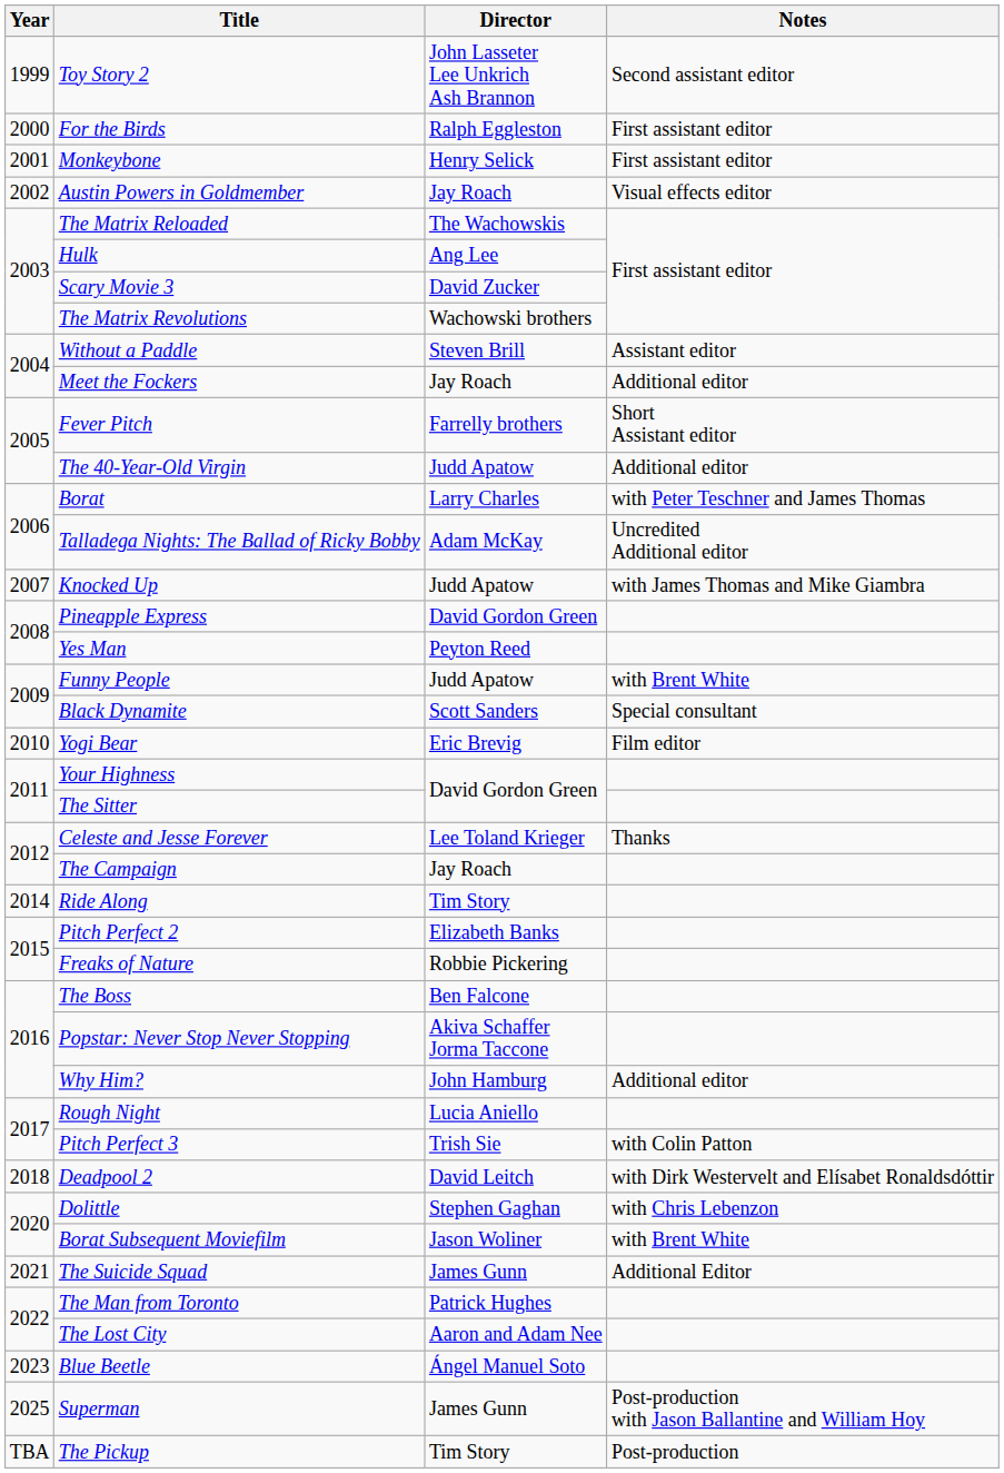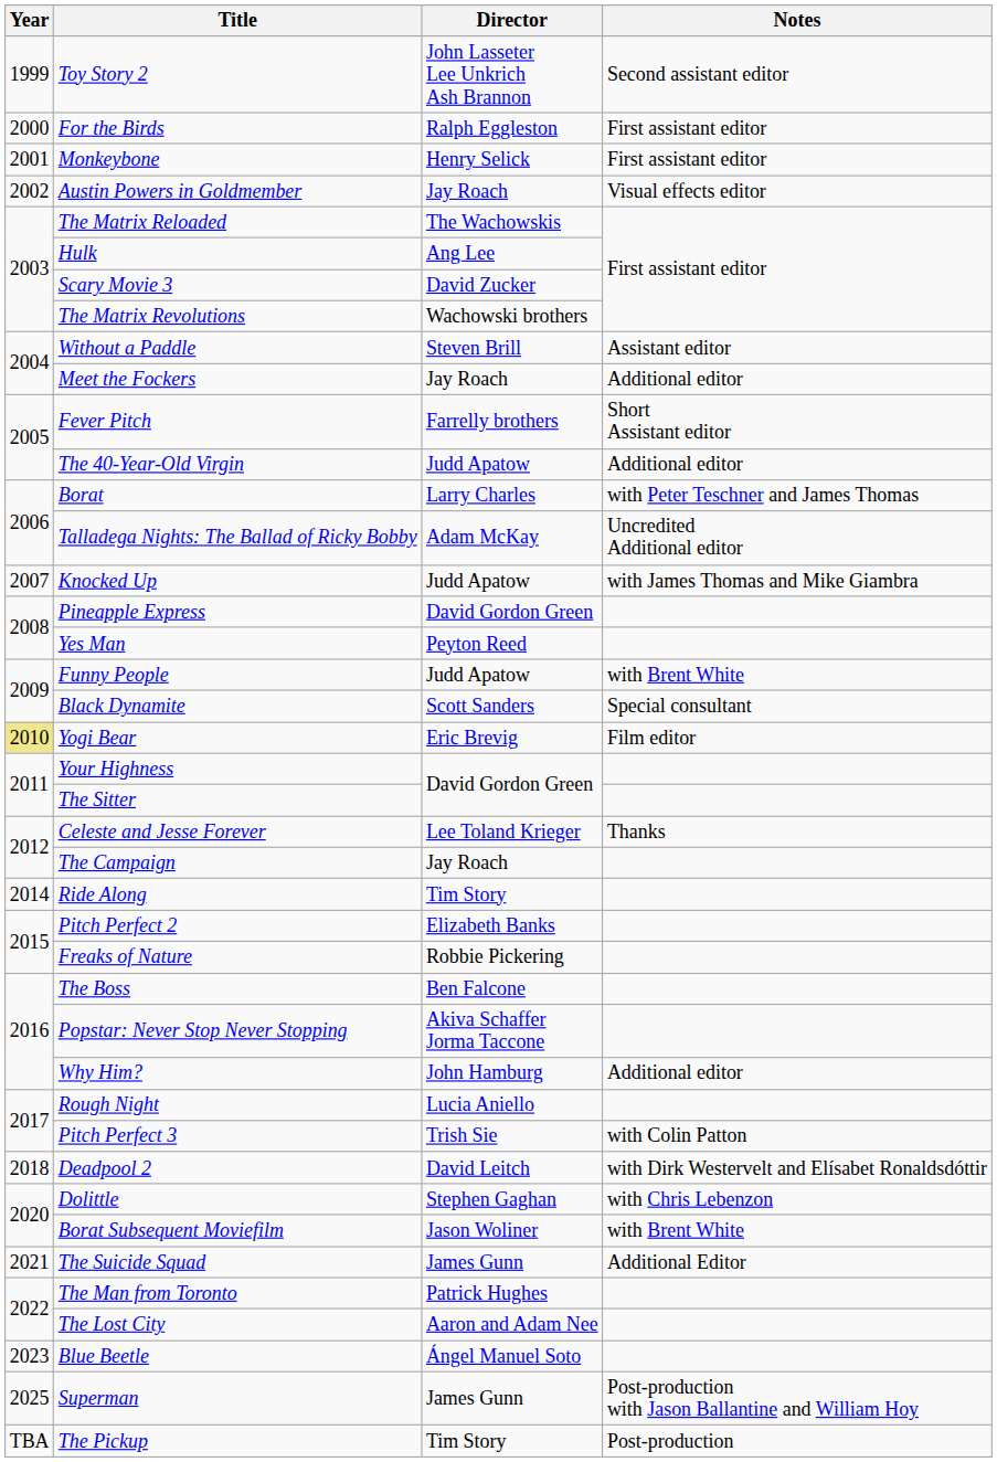 <table class="wikitable">
 <tr style="background:#b0c4de; text-align:center;">
 <th>Year</th>
 <th>Title</th>
 <th>Director</th>
 <th>Notes</th>
 </tr>
 <tr>
 <td>1999</td>
 <td><em><a href='#'>Toy Story 2</a></em></td>
 <td><a href='#'>John Lasseter</a><br><a href='#'>Lee Unkrich</a><br><a href='#'>Ash Brannon</a></td>
 <td>Second assistant editor</td>
 </tr>
 <tr>
 <td>2000</td>
 <td><em><a href='#'>For the Birds</a></em></td>
 <td><a href='#'>Ralph Eggleston</a></td>
 <td>First assistant editor</td>
 </tr>
 <tr>
 <td>2001</td>
 <td><em><a href='#'>Monkeybone</a></em></td>
 <td><a href='#'>Henry Selick</a></td>
 <td>First assistant editor</td>
 </tr>
 <tr>
 <td>2002</td>
 <td><em><a href='#'>Austin Powers in Goldmember</a></em></td>
 <td><a href='#'>Jay Roach</a></td>
 <td>Visual effects editor</td>
 </tr>
 <tr>
 <td rowspan="4">2003</td>
 <td><em><a href='#'>The Matrix Reloaded</a></em></td>
 <td><a href='#'>The Wachowskis</a></td>
 <td rowspan="4">First assistant editor</td>
 </tr>
 <tr>
 <td><em><a href='#'>Hulk</a></em></td>
 <td><a href='#'>Ang Lee</a></td>
 </tr>
 <tr>
 <td><em><a href='#'>Scary Movie 3</a></em></td>
 <td><a href='#'>David Zucker</a></td>
 </tr>
 <tr>
 <td><em><a href='#'>The Matrix Revolutions</a></em></td>
 <td>Wachowski brothers</td>
 </tr>
 <tr>
 <td rowspan="2">2004</td>
 <td><em><a href='#'>Without a Paddle</a></em></td>
 <td><a href='#'>Steven Brill</a></td>
 <td>Assistant editor</td>
 </tr>
 <tr>
 <td><em><a href='#'>Meet the Fockers</a></em></td>
 <td>Jay Roach</td>
 <td>Additional editor</td>
 </tr>
 <tr>
 <td rowspan="2">2005</td>
 <td><em><a href='#'>Fever Pitch</a></em></td>
 <td><a href='#'>Farrelly brothers</a></td>
 <td>Short<br>Assistant editor</td>
 </tr>
 <tr>
 <td><em><a href='#'>The 40-Year-Old Virgin</a></em></td>
 <td><a href='#'>Judd Apatow</a></td>
 <td>Additional editor</td>
 </tr>
 <tr>
 <td rowspan="2">2006</td>
 <td><em><a href='#'>Borat</a></em></td>
 <td><a href='#'>Larry Charles</a></td>
 <td>with <a href='#'>Peter Teschner</a> and James Thomas</td>
 </tr>
 <tr>
 <td><em><a href='#'>Talladega Nights: The Ballad of Ricky Bobby</a></em></td>
 <td><a href='#'>Adam McKay</a></td>
 <td>Uncredited<br>Additional editor</td>
 </tr>
 <tr>
 <td>2007</td>
 <td><em><a href='#'>Knocked Up</a></em></td>
 <td>Judd Apatow</td>
 <td>with James Thomas and Mike Giambra</td>
 </tr>
 <tr>
 <td rowspan="2">2008</td>
 <td><em><a href='#'>Pineapple Express</a></em></td>
 <td><a href='#'>David Gordon Green</a></td>
 <td></td>
 </tr>
 <tr>
 <td><em><a href='#'>Yes Man</a></em></td>
 <td><a href='#'>Peyton Reed</a></td>
 <td></td>
 </tr>
 <tr>
 <td rowspan="2">2009</td>
 <td><em><a href='#'>Funny People</a></em></td>
 <td>Judd Apatow</td>
 <td>with <a href='#'>Brent White</a></td>
 </tr>
 <tr>
 <td><em><a href='#'>Black Dynamite</a></em></td>
 <td><a href='#'>Scott Sanders</a></td>
 <td>Special consultant</td>
 </tr>
 <tr>
-<td>2010</td>
+<td style="background: khaki;">2010</td>
 <td><em><a href='#'>Yogi Bear</a></em></td>
 <td><a href='#'>Eric Brevig</a></td>
 <td>Film editor</td>
 </tr>
 <tr>
 <td rowspan="2">2011</td>
 <td><em><a href='#'>Your Highness</a></em></td>
 <td rowspan="2">David Gordon Green</td>
 <td></td>
 </tr>
 <tr>
 <td><em><a href='#'>The Sitter</a></em></td>
 <td></td>
 </tr>
 <tr>
 <td rowspan="2">2012</td>
 <td><em><a href='#'>Celeste and Jesse Forever</a></em></td>
 <td><a href='#'>Lee Toland Krieger</a></td>
 <td>Thanks</td>
 </tr>
 <tr>
 <td><em><a href='#'>The Campaign</a></em></td>
 <td>Jay Roach</td>
 <td></td>
 </tr>
 <tr>
 <td>2014</td>
 <td><em><a href='#'>Ride Along</a></em></td>
 <td><a href='#'>Tim Story</a></td>
 <td></td>
 </tr>
 <tr>
 <td rowspan="2">2015</td>
 <td><em><a href='#'>Pitch Perfect 2</a></em></td>
 <td><a href='#'>Elizabeth Banks</a></td>
 <td></td>
 </tr>
 <tr>
 <td><em><a href='#'>Freaks of Nature</a></em></td>
 <td>Robbie Pickering</td>
 <td></td>
 </tr>
 <tr>
 <td rowspan="3">2016</td>
 <td><em><a href='#'>The Boss</a></em></td>
 <td><a href='#'>Ben Falcone</a></td>
 <td></td>
 </tr>
 <tr>
 <td><em><a href='#'>Popstar: Never Stop Never Stopping</a></em></td>
 <td><a href='#'>Akiva Schaffer</a><br><a href='#'>Jorma Taccone</a></td>
 <td></td>
 </tr>
 <tr>
 <td><em><a href='#'>Why Him?</a></em></td>
 <td><a href='#'>John Hamburg</a></td>
 <td>Additional editor</td>
 </tr>
 <tr>
 <td rowspan="2">2017</td>
 <td><em><a href='#'>Rough Night</a></em></td>
 <td><a href='#'>Lucia Aniello</a></td>
 <td></td>
 </tr>
 <tr>
 <td><em><a href='#'>Pitch Perfect 3</a></em></td>
 <td><a href='#'>Trish Sie</a></td>
 <td>with Colin Patton</td>
 </tr>
 <tr>
 <td>2018</td>
 <td><em><a href='#'>Deadpool 2</a></em></td>
 <td><a href='#'>David Leitch</a></td>
 <td>with Dirk Westervelt and Elísabet Ronaldsdóttir</td>
 </tr>
 <tr>
 <td rowspan="2">2020</td>
 <td><em><a href='#'>Dolittle</a></em></td>
 <td><a href='#'>Stephen Gaghan</a></td>
 <td>with <a href='#'>Chris Lebenzon</a></td>
 </tr>
 <tr>
 <td><em><a href='#'>Borat Subsequent Moviefilm</a></em></td>
 <td><a href='#'>Jason Woliner</a></td>
 <td>with <a href='#'>Brent White</a></td>
 </tr>
 <tr>
 <td>2021</td>
 <td><em><a href='#'>The Suicide Squad</a></em></td>
 <td><a href='#'>James Gunn</a></td>
 <td>Additional Editor</td>
 </tr>
 <tr>
 <td rowspan="2">2022</td>
 <td><em><a href='#'>The Man from Toronto</a></em></td>
 <td><a href='#'>Patrick Hughes</a></td>
 <td></td>
 </tr>
 <tr>
 <td><em><a href='#'>The Lost City</a></em></td>
 <td><a href='#'>Aaron and Adam Nee</a></td>
 <td></td>
 </tr>
 <tr>
 <td>2023</td>
 <td><em><a href='#'>Blue Beetle</a></em></td>
 <td><a href='#'>Ángel Manuel Soto</a></td>
 <td></td>
 </tr>
 <tr>
 <td>2025</td>
 <td><em><a href='#'>Superman</a></em></td>
 <td>James Gunn</td>
 <td rowspan="1">Post-production<br>with <a href='#'>Jason Ballantine</a> and <a href='#'>William Hoy</a></td>
 </tr>
 <tr>
 <td>TBA</td>
 <td><em><a href='#'>The Pickup</a></em></td>
 <td>Tim Story</td>
 <td>Post-production</td>
 </tr>
 </table>
